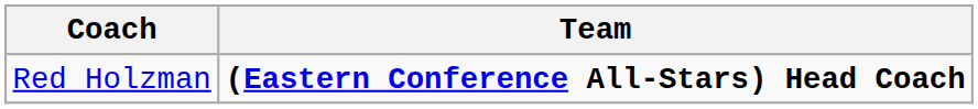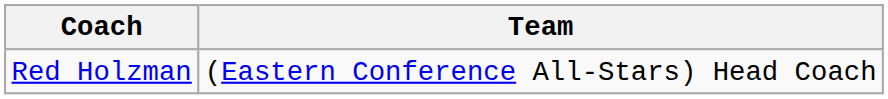 <table class="wikitable sortable sortable" style="text-align: center">
 <tr>
 <th>Coach</th>
 <th>Team</th>
 </tr>
 <tr align="center">
 <td><a href='#'>Red Holzman</a></td>
-<td><strong>(<a href='#'>Eastern Conference</a> All-Stars) Head Coach</strong></td>
+<td>(<a href='#'>Eastern Conference</a> All-Stars) Head Coach</td>
 </tr>
 </table>
